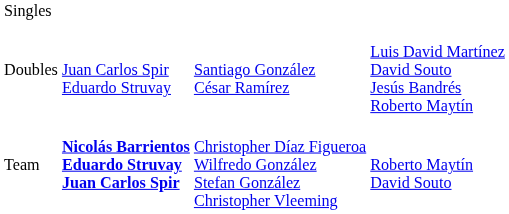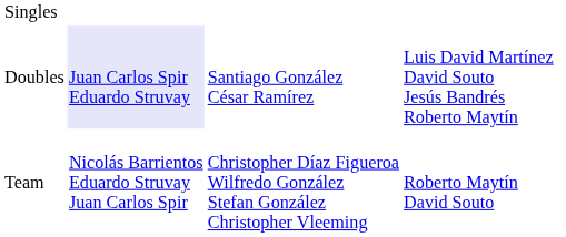 <table>
 <tr>
 <td>Singles</td>
 <td></td>
 <td></td>
 <td></td>
 </tr>
 <tr>
 <td>Doubles</td>
-<td><br> <a href='#'>Juan Carlos Spir</a><br><a href='#'>Eduardo Struvay</a></td>
+<td style="background: lavender;"><br> <a href='#'>Juan Carlos Spir</a><br><a href='#'>Eduardo Struvay</a></td>
 <td><br> <a href='#'>Santiago González</a><br><a href='#'>César Ramírez</a></td>
 <td><br><a href='#'>Luis David Martínez</a><br><a href='#'>David Souto</a><br><a href='#'>Jesús Bandrés</a><br><a href='#'>Roberto Maytín</a></td>
 </tr>
 <tr>
 <td>Team</td>
-<td valign=top><strong><br><a href='#'>Nicolás Barrientos</a><br><a href='#'>Eduardo Struvay</a><br><a href='#'>Juan Carlos Spir</a></strong></td>
+<td valign=top><br><a href='#'>Nicolás Barrientos</a><br><a href='#'>Eduardo Struvay</a><br><a href='#'>Juan Carlos Spir</a></td>
 <td><br><a href='#'>Christopher Díaz Figueroa</a><br><a href='#'>Wilfredo González</a><br><a href='#'>Stefan González</a><br><a href='#'>Christopher Vleeming</a></td>
 <td><br> <a href='#'>Roberto Maytín</a><br><a href='#'>David Souto</a></td>
 </tr>
 <tr>
 </tr>
 </table>
